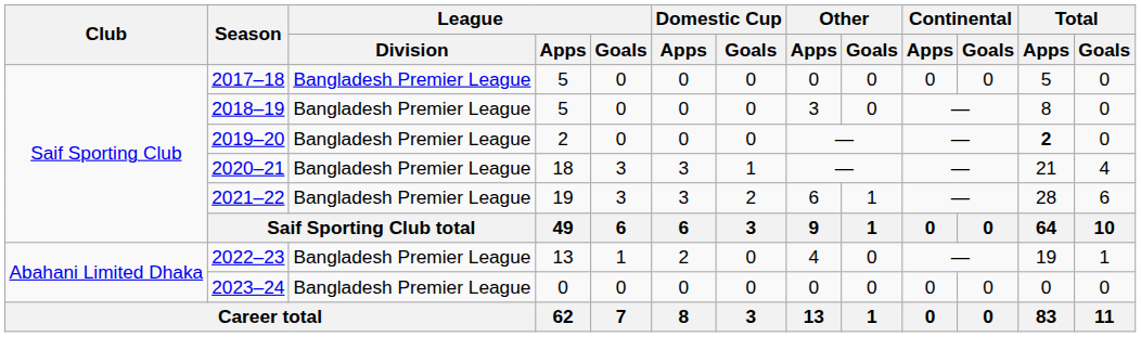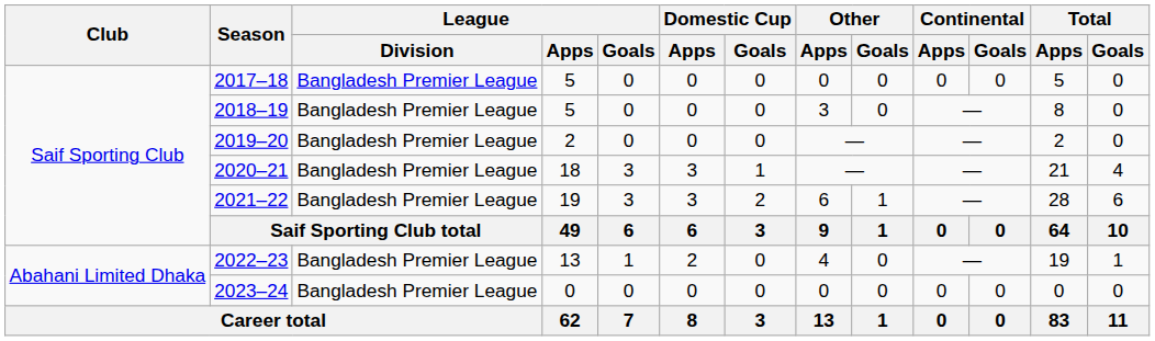 <table class="wikitable" style="text-align: center;">
 <tr>
 <th rowspan="2">Club</th>
 <th rowspan="2">Season</th>
 <th colspan="3">League</th>
 <th colspan="2">Domestic Cup</th>
 <th colspan="2">Other</th>
 <th colspan="2">Continental</th>
 <th colspan="2">Total</th>
 </tr>
 <tr>
 <th>Division</th>
 <th>Apps</th>
 <th>Goals</th>
 <th>Apps</th>
 <th>Goals</th>
 <th>Apps</th>
 <th>Goals</th>
 <th>Apps</th>
 <th>Goals</th>
 <th>Apps</th>
 <th>Goals</th>
 </tr>
 <tr>
 <td rowspan="6"><a href='#'>Saif Sporting Club</a></td>
 <td><a href='#'>2017–18</a></td>
 <td><a href='#'>Bangladesh Premier League</a></td>
 <td>5</td>
 <td>0</td>
 <td>0</td>
 <td>0</td>
 <td>0</td>
 <td>0</td>
 <td>0</td>
 <td>0</td>
 <td>5</td>
 <td>0</td>
 </tr>
 <tr>
 <td><a href='#'>2018–19</a></td>
 <td>Bangladesh Premier League</td>
 <td>5</td>
 <td>0</td>
 <td>0</td>
 <td>0</td>
 <td>3</td>
 <td>0</td>
 <td colspan="2">—</td>
 <td>8</td>
 <td>0</td>
 </tr>
 <tr>
 <td><a href='#'>2019–20</a></td>
 <td>Bangladesh Premier League</td>
 <td>2</td>
 <td>0</td>
 <td>0</td>
 <td>0</td>
 <td colspan="2">—</td>
 <td colspan="2">—</td>
-<td><strong>2</strong></td>
+<td>2</td>
 <td>0</td>
 </tr>
 <tr>
 <td><a href='#'>2020–21</a></td>
 <td>Bangladesh Premier League</td>
 <td>18</td>
 <td>3</td>
 <td>3</td>
 <td>1</td>
 <td colspan="2">—</td>
 <td colspan="2">—</td>
 <td>21</td>
 <td>4</td>
 </tr>
 <tr>
 <td><a href='#'>2021–22</a></td>
 <td>Bangladesh Premier League</td>
 <td>19</td>
 <td>3</td>
 <td>3</td>
 <td>2</td>
 <td>6</td>
 <td>1</td>
 <td colspan="2">—</td>
 <td>28</td>
 <td>6</td>
 </tr>
 <tr>
 <th colspan="2"><strong>Saif Sporting Club total</strong></th>
 <th>49</th>
 <th>6</th>
 <th>6</th>
 <th>3</th>
 <th>9</th>
 <th>1</th>
 <th>0</th>
 <th>0</th>
 <th>64</th>
 <th>10</th>
 </tr>
 <tr>
 <td rowspan=2><a href='#'>Abahani Limited Dhaka</a></td>
 <td><a href='#'>2022–23</a></td>
 <td>Bangladesh Premier League</td>
 <td>13</td>
 <td>1</td>
 <td>2</td>
 <td>0</td>
 <td>4</td>
 <td>0</td>
 <td colspan="2">—</td>
 <td>19</td>
 <td>1</td>
 </tr>
 <tr>
 <td><a href='#'>2023–24</a></td>
 <td>Bangladesh Premier League</td>
 <td>0</td>
 <td>0</td>
 <td>0</td>
 <td>0</td>
 <td>0</td>
 <td>0</td>
 <td>0</td>
 <td>0</td>
 <td>0</td>
 <td>0</td>
 </tr>
 <tr>
 <th colspan="3"><strong>Career total</strong></th>
 <th>62</th>
 <th>7</th>
 <th>8</th>
 <th>3</th>
 <th>13</th>
 <th>1</th>
 <th>0</th>
 <th>0</th>
 <th>83</th>
 <th>11</th>
 </tr>
 </table>
